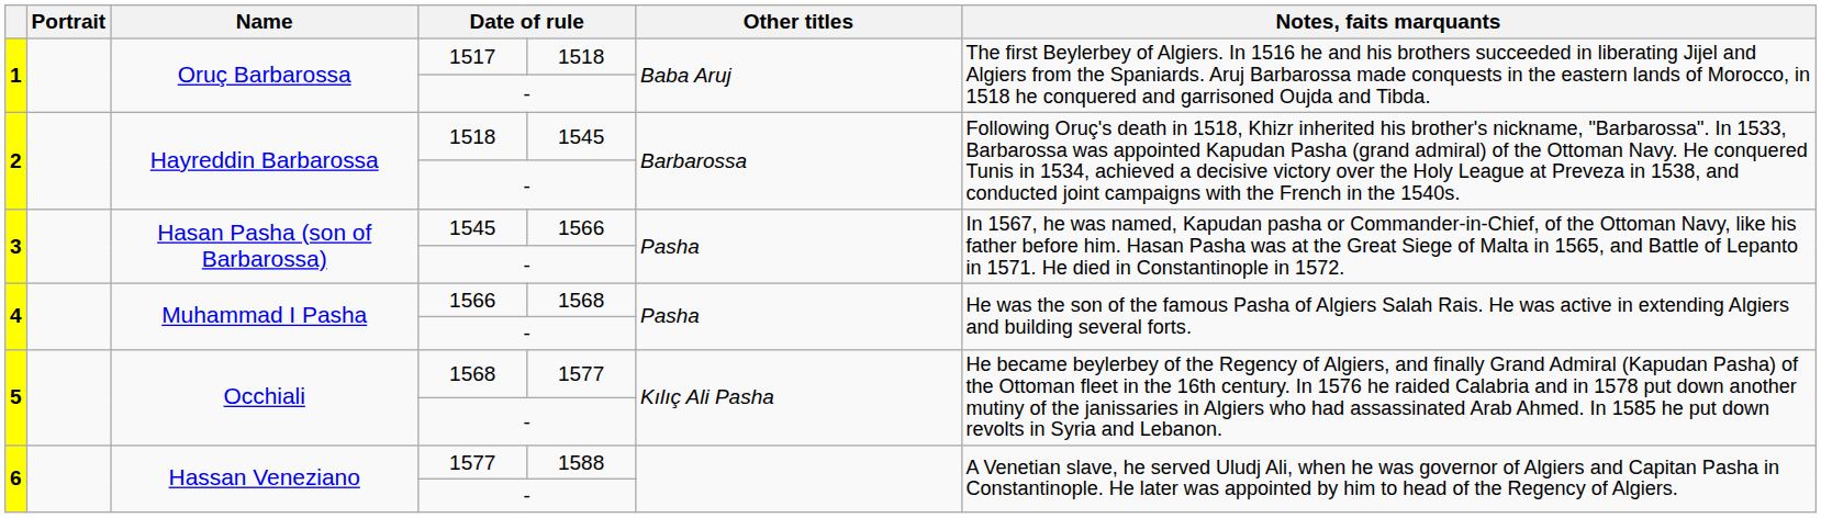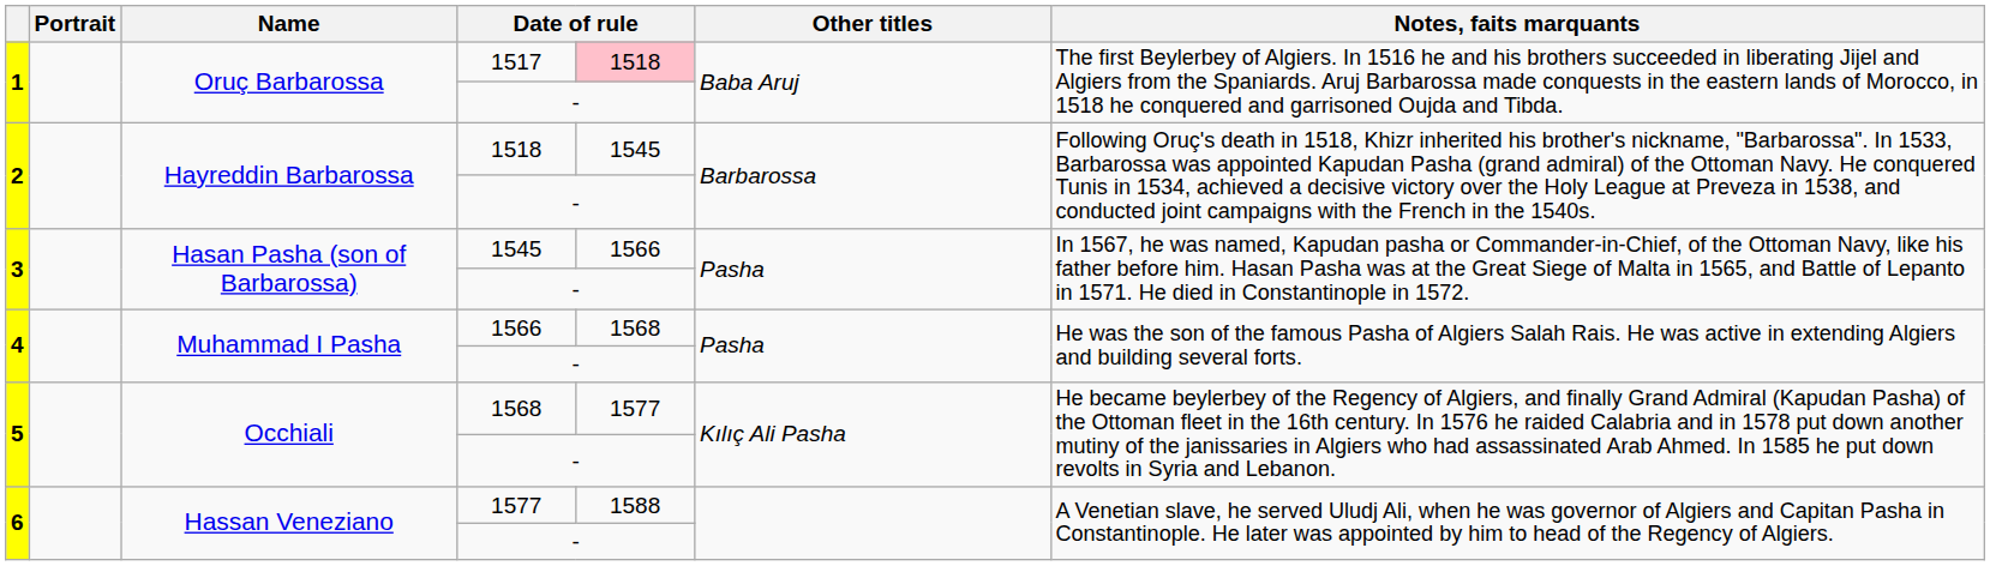 <table class="wikitable" style="font-size:90%">
 <tr>
 <th scope="col"></th>
 <th scope="col">Portrait</th>
 <th scope="col" width="17%">Name</th>
 <th colspan="2" scope="col" width="12%">Date of rule</th>
 <th scope="col" width="18%">Other titles</th>
 <th scope="col">Notes, faits marquants</th>
 </tr>
 <tr>
 <th rowspan="2" style="background-color: #ffff00">1</th>
 <td rowspan="2"></td>
 <td rowspan="2" align="center" style="font-size:110%"><a href='#'>Oruç Barbarossa</a></td>
 <td align="center">1517</td>
-<td align="center">1518</td>
+<td align="center" style="background: pink;">1518</td>
 <td rowspan="2"><em>Baba Aruj</em></td>
 <td rowspan="2" style="font-size:95%">The first Beylerbey of Algiers. In 1516 he and his brothers succeeded in liberating Jijel and Algiers from the Spaniards. Aruj Barbarossa made conquests in the eastern lands of Morocco, in 1518 he conquered and garrisoned Oujda and Tibda.</td>
 </tr>
 <tr>
 <td colspan="2" align="center">-</td>
 </tr>
 <tr>
 <th rowspan="2" style="background-color: #ffff00">2</th>
 <td rowspan="2"></td>
 <td rowspan="2" align="center" style="font-size:110%"><a href='#'>Hayreddin Barbarossa</a></td>
 <td align="center">1518</td>
 <td align="center">1545</td>
 <td rowspan="2"><em>Barbarossa</em></td>
 <td rowspan="2" style="font-size:95%">Following Oruç's death in 1518, Khizr inherited his brother's nickname, "Barbarossa". In 1533, Barbarossa was appointed Kapudan Pasha (grand admiral) of the Ottoman Navy. He conquered Tunis in 1534, achieved a decisive victory over the Holy League at Preveza in 1538, and conducted joint campaigns with the French in the 1540s.</td>
 </tr>
 <tr>
 <td colspan="2" align="center">-</td>
 </tr>
 <tr>
 <th rowspan="2" style="background-color: #ffff00">3</th>
 <td rowspan="2"></td>
 <td rowspan="2" align="center" style="font-size:110%"><a href='#'>Hasan Pasha (son of Barbarossa)</a></td>
 <td align="center">1545</td>
 <td align="center">1566</td>
 <td rowspan="2"><em>Pasha</em></td>
 <td rowspan="2" style="font-size:95%">In 1567, he was named, Kapudan pasha or Commander-in-Chief, of the Ottoman Navy, like his father before him. Hasan Pasha was at the Great Siege of Malta in 1565, and Battle of Lepanto in 1571. He died in Constantinople in 1572.</td>
 </tr>
 <tr>
 <td colspan="2" align="center">-</td>
 </tr>
 <tr>
 <th rowspan="2" style="background-color: #ffff00">4</th>
 <td rowspan="2"></td>
 <td rowspan="2" align="center" style="font-size:110%"><a href='#'>Muhammad I Pasha</a></td>
 <td align="center">1566</td>
 <td align="center">1568</td>
 <td rowspan="2"><em>Pasha</em></td>
 <td rowspan="2" style="font-size:95%">He was the son of the famous Pasha of Algiers Salah Rais. He was active in extending Algiers and building several forts.</td>
 </tr>
 <tr>
 <td colspan="2" align="center">-</td>
 </tr>
 <tr>
 <th rowspan="2" style="background-color: #ffff00">5</th>
 <td rowspan="2"></td>
 <td rowspan="2" align="center" style="font-size:110%"><a href='#'>Occhiali</a></td>
 <td align="center">1568</td>
 <td align="center">1577</td>
 <td rowspan="2"><em>Kılıç Ali Pasha</em></td>
 <td rowspan="2" style="font-size:95%">He became beylerbey of the Regency of Algiers, and finally Grand Admiral (Kapudan Pasha) of the Ottoman fleet in the 16th century. In 1576 he raided Calabria and in 1578 put down another mutiny of the janissaries in Algiers who had assassinated Arab Ahmed. In 1585 he put down revolts in Syria and Lebanon.</td>
 </tr>
 <tr>
 <td colspan="2" align="center">-</td>
 </tr>
 <tr>
 <th rowspan="2" style="background-color: #ffff00">6</th>
 <td rowspan="2"></td>
 <td rowspan="2" align="center" style="font-size:110%"><a href='#'>Hassan Veneziano</a></td>
 <td align="center">1577</td>
 <td align="center">1588</td>
 <td rowspan="2"></td>
 <td rowspan="2" style="font-size:95%">A Venetian slave, he served Uludj Ali, when he was governor of Algiers and Capitan Pasha in Constantinople. He later was appointed by him to head of the Regency of Algiers.</td>
 </tr>
 <tr>
 <td colspan="2" align="center">-</td>
 </tr>
 </table>
